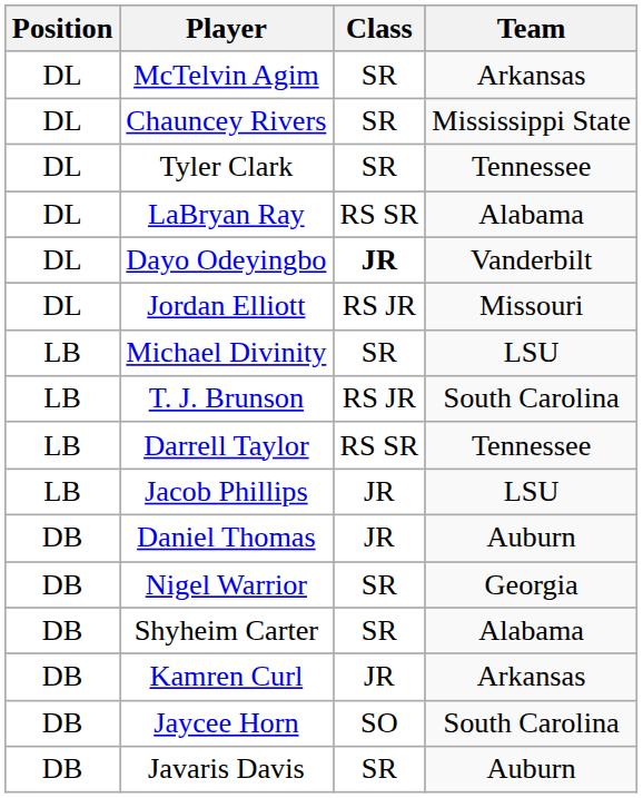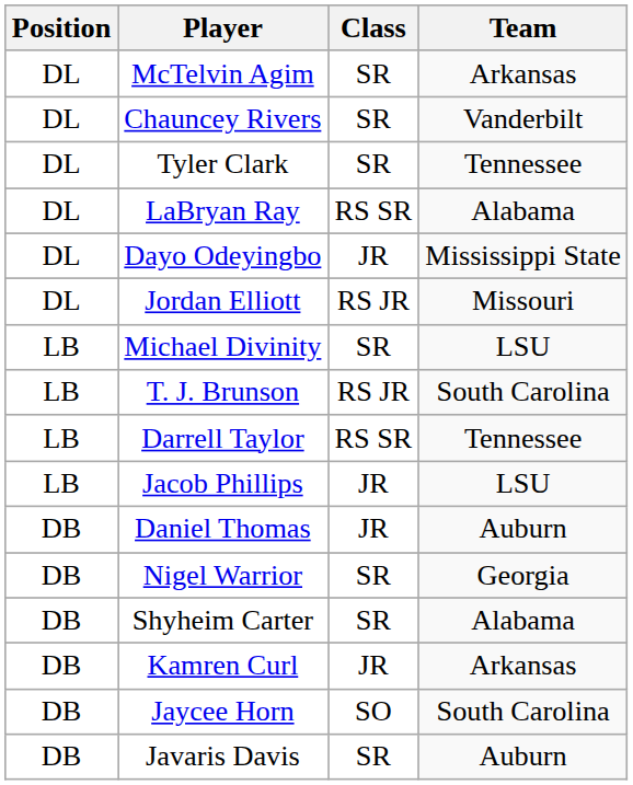 <table class="wikitable sortable">
 <tr>
 <th>Position</th>
 <th>Player</th>
 <th>Class</th>
 <th>Team</th>
 </tr>
 <tr style="text-align:center;">
 <td style="background:white">DL</td>
 <td style="background:white"><a href='#'>McTelvin Agim</a></td>
 <td style="background:white">SR</td>
 <td>Arkansas</td>
 </tr>
 <tr style="text-align:center;">
 <td style="background:white">DL</td>
 <td style="background:white"><a href='#'>Chauncey Rivers</a></td>
 <td style="background:white">SR</td>
-<td>Mississippi State</td>
+<td>Vanderbilt</td>
 </tr>
 <tr style="text-align:center;">
 <td style="background:white">DL</td>
 <td style="background:white">Tyler Clark</td>
 <td style="background:white">SR</td>
 <td>Tennessee</td>
 </tr>
 <tr style="text-align:center;">
 <td style="background:white">DL</td>
 <td style="background:white"><a href='#'>LaBryan Ray</a></td>
 <td style="background:white">RS SR</td>
 <td>Alabama</td>
 </tr>
 <tr style="text-align:center;">
 <td style="background:white">DL</td>
 <td style="background:white"><a href='#'>Dayo Odeyingbo</a></td>
-<td style="background:white"><strong>JR</strong></td>
-<td>Vanderbilt</td>
+<td style="background:white">JR</td>
+<td>Mississippi State</td>
 </tr>
 <tr style="text-align:center;">
 <td style="background:white">DL</td>
 <td style="background:white"><a href='#'>Jordan Elliott</a></td>
 <td style="background:white">RS JR</td>
 <td>Missouri</td>
 </tr>
 <tr style="text-align:center;">
 <td style="background:white">LB</td>
 <td style="background:white"><a href='#'>Michael Divinity</a></td>
 <td style="background:white">SR</td>
 <td>LSU</td>
 </tr>
 <tr style="text-align:center;">
 <td style="background:white">LB</td>
 <td style="background:white"><a href='#'>T. J. Brunson</a></td>
 <td style="background:white">RS JR</td>
 <td>South Carolina</td>
 </tr>
 <tr style="text-align:center;">
 <td style="background:white">LB</td>
 <td style="background:white"><a href='#'>Darrell Taylor</a></td>
 <td style="background:white">RS SR</td>
 <td>Tennessee</td>
 </tr>
 <tr style="text-align:center;">
 <td style="background:white">LB</td>
 <td style="background:white"><a href='#'>Jacob Phillips</a></td>
 <td style="background:white">JR</td>
 <td>LSU</td>
 </tr>
 <tr style="text-align:center;">
 <td style="background:white">DB</td>
 <td style="background:white"><a href='#'>Daniel Thomas</a></td>
 <td style="background:white">JR</td>
 <td>Auburn</td>
 </tr>
 <tr style="text-align:center;">
 <td style="background:white">DB</td>
 <td style="background:white"><a href='#'>Nigel Warrior</a></td>
 <td style="background:white">SR</td>
 <td>Georgia</td>
 </tr>
 <tr style="text-align:center;">
 <td style="background:white">DB</td>
 <td style="background:white">Shyheim Carter</td>
 <td style="background:white">SR</td>
 <td>Alabama</td>
 </tr>
 <tr style="text-align:center;">
 <td style="background:white">DB</td>
 <td style="background:white"><a href='#'>Kamren Curl</a></td>
 <td style="background:white">JR</td>
 <td>Arkansas</td>
 </tr>
 <tr style="text-align:center;">
 <td style="background:white">DB</td>
 <td style="background:white"><a href='#'>Jaycee Horn</a></td>
 <td style="background:white">SO</td>
 <td>South Carolina</td>
 </tr>
 <tr style="text-align:center;">
 <td style="background:white">DB</td>
 <td style="background:white">Javaris Davis</td>
 <td style="background:white">SR</td>
 <td>Auburn</td>
 </tr>
 </table>
